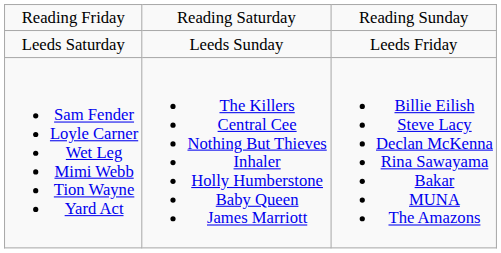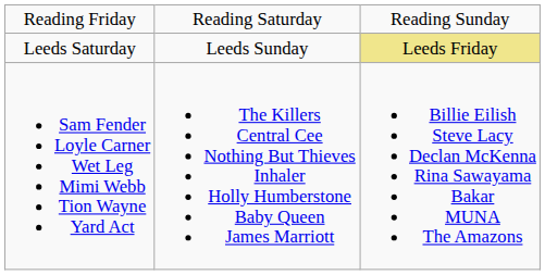 <table class="wikitable" style="text-align:center;">
 <tr>
 <td>Reading Friday</td>
 <td>Reading Saturday</td>
 <td>Reading Sunday</td>
 </tr>
 <tr>
 <td>Leeds Saturday</td>
 <td>Leeds Sunday</td>
-<td>Leeds Friday</td>
+<td style="background: khaki;">Leeds Friday</td>
 </tr>
 <tr>
 <td><br><ul><li><a href='#'>Sam Fender</a></li><li><a href='#'>Loyle Carner</a></li><li><a href='#'>Wet Leg</a></li><li><a href='#'>Mimi Webb</a></li><li><a href='#'>Tion Wayne</a></li><li><a href='#'>Yard Act</a></li></ul></td>
 <td><br><ul><li><a href='#'>The Killers</a></li><li><a href='#'>Central Cee</a></li><li><a href='#'>Nothing But Thieves</a></li><li><a href='#'>Inhaler</a></li><li><a href='#'>Holly Humberstone</a></li><li><a href='#'>Baby Queen</a></li><li><a href='#'>James Marriott</a></li></ul></td>
 <td><br><ul><li><a href='#'>Billie Eilish</a></li><li><a href='#'>Steve Lacy</a></li><li><a href='#'>Declan McKenna</a></li><li><a href='#'>Rina Sawayama</a></li><li><a href='#'>Bakar</a></li><li><a href='#'>MUNA</a></li><li><a href='#'>The Amazons</a></li></ul></td>
 </tr>
 </table>
